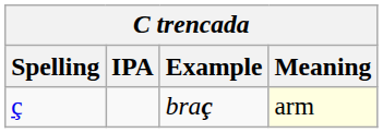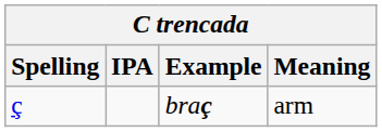 <table class="wikitable" style="margin: 1em 2em;">
 <tr>
 <th colspan="4"><em>C trencada</em></th>
 </tr>
 <tr>
 <th>Spelling</th>
 <th>IPA</th>
 <th>Example</th>
 <th>Meaning</th>
 </tr>
 <tr>
 <td><a href='#'>ç</a></td>
 <td></td>
 <td><em>bra<strong>ç<strong><em></td>
-<td style="background: lightyellow;">arm</td>
+<td>arm</td>
 </tr>
 </table>
